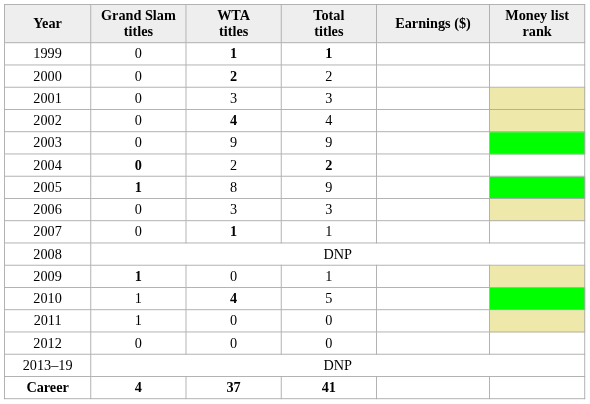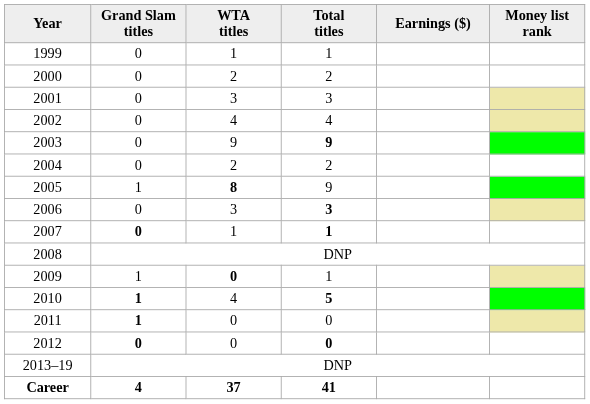 <table cellpadding=3 cellspacing=0 border=1 style=border:#aaa;solid:1px;border-collapse:collapse;text-align:center;>
 <tr style=background:#eee;font-weight:bold>
 <td width="90">Year</td>
 <td width="100">Grand Slam <br>titles</td>
 <td width="100">WTA <br>titles</td>
 <td width="100">Total <br>titles</td>
 <td width="120">Earnings ($)</td>
 <td width="100">Money list rank</td>
 </tr>
 <tr>
 <td>1999</td>
 <td>0</td>
-<td><strong>1</strong></td>
-<td><strong>1</strong></td>
+<td>1</td>
+<td>1</td>
 <td align=right></td>
 <td></td>
 </tr>
 <tr>
 <td>2000</td>
 <td>0</td>
-<td><strong>2</strong></td>
+<td>2</td>
 <td>2</td>
 <td align=right></td>
 <td></td>
 </tr>
 <tr>
 <td>2001</td>
 <td>0</td>
 <td>3</td>
 <td>3</td>
 <td align=right></td>
 <td bgcolor=eee8aa></td>
 </tr>
 <tr>
 <td>2002</td>
 <td>0</td>
-<td><strong>4</strong></td>
+<td>4</td>
 <td>4</td>
 <td align=right></td>
 <td bgcolor=eee8aa></td>
 </tr>
 <tr>
 <td>2003</td>
 <td>0</td>
 <td>9</td>
-<td>9</td>
+<td><strong>9</strong></td>
 <td align=right></td>
 <td bgcolor=00ff00></td>
 </tr>
 <tr>
 <td>2004</td>
-<td><strong>0</strong></td>
+<td>0</td>
 <td>2</td>
-<td><strong>2</strong></td>
+<td>2</td>
 <td align=right></td>
 <td></td>
 </tr>
 <tr>
 <td>2005</td>
-<td><strong>1</strong></td>
-<td>8</td>
+<td>1</td>
+<td><strong>8</strong></td>
 <td>9</td>
 <td align=right></td>
 <td bgcolor=00FF00></td>
 </tr>
 <tr>
 <td>2006</td>
 <td>0</td>
 <td>3</td>
-<td>3</td>
+<td><strong>3</strong></td>
 <td align=right></td>
 <td bgcolor=eee8aa></td>
 </tr>
 <tr>
 <td>2007</td>
-<td>0</td>
+<td><strong>0</strong></td>
+<td>1</td>
 <td><strong>1</strong></td>
-<td>1</td>
 <td align=right></td>
 <td></td>
 </tr>
 <tr>
 <td>2008</td>
 <td colspan=10>DNP</td>
 </tr>
 <tr>
 <td>2009</td>
-<td><strong>1</strong></td>
-<td>0</td>
+<td>1</td>
+<td><strong>0</strong></td>
 <td>1</td>
 <td align=right></td>
 <td bgcolor=eee8aa></td>
 </tr>
 <tr>
 <td>2010</td>
-<td>1</td>
-<td><strong>4</strong></td>
-<td>5</td>
+<td><strong>1</strong></td>
+<td>4</td>
+<td><strong>5</strong></td>
 <td align=right></td>
 <td bgcolor=00FF00></td>
 </tr>
 <tr>
 <td>2011</td>
-<td>1</td>
+<td><strong>1</strong></td>
 <td>0</td>
 <td>0</td>
 <td align=right></td>
 <td bgcolor=eee8aa></td>
 </tr>
 <tr>
 <td>2012</td>
+<td><strong>0</strong></td>
 <td>0</td>
-<td>0</td>
-<td>0</td>
+<td><strong>0</strong></td>
 <td align=right></td>
 <td></td>
 </tr>
 <tr>
 <td>2013–19</td>
 <td colspan=10>DNP</td>
 </tr>
 <tr>
 <th>Career</th>
 <th>4</th>
 <th>37</th>
 <th>41</th>
 <th align=right></th>
 <th></th>
 </tr>
 </table>
